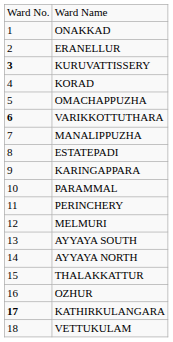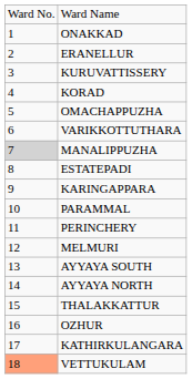 <table class="wikitable">
 <tr>
 <td>Ward No.</td>
 <td>Ward Name</td>
 </tr>
 <tr>
 <td>1</td>
 <td>ONAKKAD</td>
 </tr>
 <tr>
 <td>2</td>
 <td>ERANELLUR</td>
 </tr>
 <tr>
-<td><strong>3</strong></td>
+<td>3</td>
 <td>KURUVATTISSERY</td>
 </tr>
 <tr>
 <td>4</td>
 <td>KORAD</td>
 </tr>
 <tr>
 <td>5</td>
 <td>OMACHAPPUZHA</td>
 </tr>
 <tr>
-<td><strong>6</strong></td>
+<td>6</td>
 <td>VARIKKOTTUTHARA</td>
 </tr>
 <tr>
-<td>7</td>
+<td style="background: lightgrey;">7</td>
 <td>MANALIPPUZHA</td>
 </tr>
 <tr>
 <td>8</td>
 <td>ESTATEPADI</td>
 </tr>
 <tr>
 <td>9</td>
 <td>KARINGAPPARA</td>
 </tr>
 <tr>
 <td>10</td>
 <td>PARAMMAL</td>
 </tr>
 <tr>
 <td>11</td>
 <td>PERINCHERY</td>
 </tr>
 <tr>
 <td>12</td>
 <td>MELMURI</td>
 </tr>
 <tr>
 <td>13</td>
 <td>AYYAYA SOUTH</td>
 </tr>
 <tr>
 <td>14</td>
 <td>AYYAYA NORTH</td>
 </tr>
 <tr>
 <td>15</td>
 <td>THALAKKATTUR</td>
 </tr>
 <tr>
 <td>16</td>
 <td>OZHUR</td>
 </tr>
 <tr>
-<td><strong>17</strong></td>
+<td>17</td>
 <td>KATHIRKULANGARA</td>
 </tr>
 <tr>
-<td>18</td>
+<td style="background: lightsalmon;">18</td>
 <td>VETTUKULAM</td>
 </tr>
 </table>
